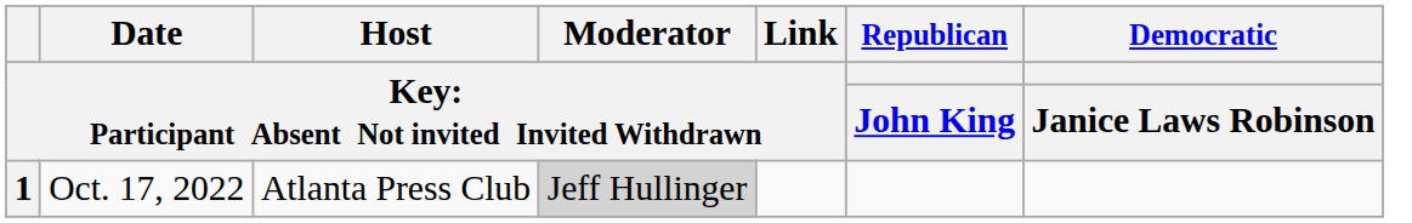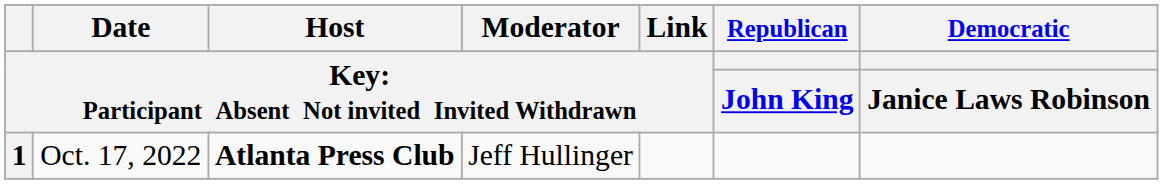 <table class="wikitable" style="text-align:center;">
 <tr>
 <th scope="col"></th>
 <th scope="col">Date</th>
 <th scope="col">Host</th>
 <th scope="col">Moderator</th>
 <th scope="col">Link</th>
 <th scope="col"><small><a href='#'>Republican</a></small></th>
 <th scope="col"><small><a href='#'>Democratic</a></small></th>
 </tr>
 <tr>
 <th colspan="5" rowspan="2">Key:<br> <small>Participant </small>  <small>Absent </small>  <small>Not invited </small>  <small>Invited  Withdrawn</small></th>
 <th scope="col" style="background:"></th>
 <th scope="col" style="background:"></th>
 </tr>
 <tr>
 <th scope="col"><a href='#'>John King</a></th>
 <th scope="col">Janice Laws Robinson</th>
 </tr>
 <tr>
 <th>1</th>
 <td style="white-space:nowrap;">Oct. 17, 2022</td>
-<td style="white-space:nowrap;">Atlanta Press Club</td>
-<td style="background: lightgrey; white-space:nowrap;">Jeff Hullinger</td>
+<td style="white-space:nowrap;"><strong>Atlanta Press Club</strong></td>
+<td style="white-space:nowrap;">Jeff Hullinger</td>
 <td style="white-space:nowrap;"></td>
 <td></td>
 <td></td>
 </tr>
 </table>
